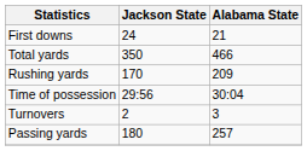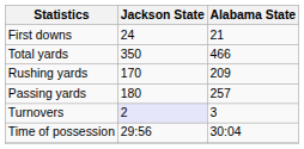 <table class="wikitable">
 <tr>
 <th>Statistics</th>
 <th>Jackson State</th>
 <th>Alabama State</th>
 </tr>
 <tr>
 <td>First downs</td>
 <td>24</td>
 <td>21</td>
 </tr>
 <tr>
 <td>Total yards</td>
 <td>350</td>
 <td>466</td>
 </tr>
 <tr>
 <td>Rushing yards</td>
 <td>170</td>
 <td>209</td>
 </tr>
 <tr>
+<td>Passing yards</td>
+<td>180</td>
+<td>257</td>
+</tr>
+<tr>
+<td>Turnovers</td>
+<td style="background: lavender;">2</td>
+<td>3</td>
+</tr>
+<tr>
 <td>Time of possession</td>
 <td>29:56</td>
 <td>30:04</td>
 </tr>
 <tr>
-<td>Turnovers</td>
-<td>2</td>
-<td>3</td>
-</tr>
-<tr>
-<td>Passing yards</td>
-<td>180</td>
-<td>257</td>
-</tr>
-<tr>
 </tr>
 </table>
